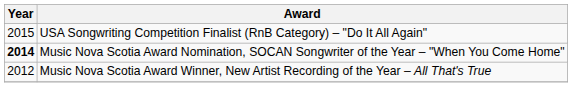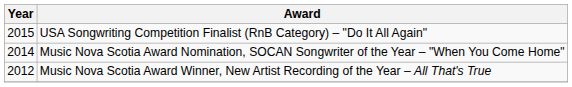 <table class="wikitable">
 <tr>
 <th>Year</th>
 <th>Award</th>
 </tr>
 <tr>
 <td>2015</td>
 <td>USA Songwriting Competition Finalist (RnB Category) – "Do It All Again"</td>
 </tr>
 <tr>
-<td><strong>2014</strong></td>
+<td>2014</td>
 <td>Music Nova Scotia Award Nomination, SOCAN Songwriter of the Year – "When You Come Home"</td>
 </tr>
 <tr>
 <td>2012</td>
 <td>Music Nova Scotia Award Winner, New Artist Recording of the Year – <em>All That's True</em></td>
 </tr>
 <tr>
 </tr>
 </table>
